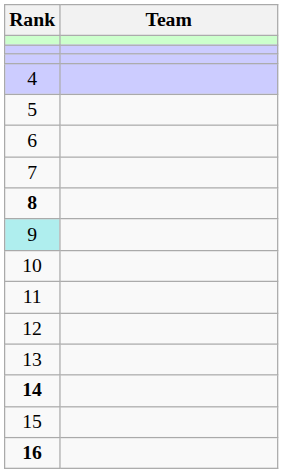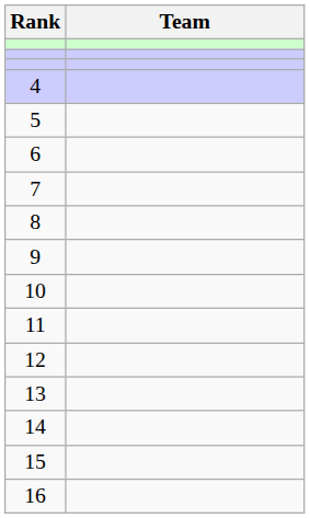 <table class="wikitable">
 <tr>
 <th>Rank</th>
 <th style="width:170px;">Team</th>
 </tr>
 <tr style="background:#CCFFCC;">
 <td style="text-align:center;"></td>
 <td></td>
 </tr>
 <tr style="background:#CCCCFF;">
 <td style="text-align:center;"></td>
 <td></td>
 </tr>
 <tr style="background:#CCCCFF;">
 <td style="text-align:center;"></td>
 <td></td>
 </tr>
 <tr style="background:#CCCCFF;">
 <td style="text-align:center;">4</td>
 <td></td>
 </tr>
 <tr>
 <td style="text-align:center;">5</td>
 <td></td>
 </tr>
 <tr>
 <td style="text-align:center;">6</td>
 <td></td>
 </tr>
 <tr>
 <td style="text-align:center;">7</td>
 <td></td>
 </tr>
 <tr>
-<td style="text-align:center;"><strong>8</strong></td>
+<td style="text-align:center;">8</td>
 <td></td>
 </tr>
 <tr>
-<td style="background: paleturquoise; text-align:center;">9</td>
+<td style="text-align:center;">9</td>
 <td></td>
 </tr>
 <tr>
 <td style="text-align:center;">10</td>
 <td></td>
 </tr>
 <tr>
 <td style="text-align:center;">11</td>
 <td></td>
 </tr>
 <tr>
 <td style="text-align:center;">12</td>
 <td></td>
 </tr>
 <tr>
 <td style="text-align:center;">13</td>
 <td></td>
 </tr>
 <tr>
-<td style="text-align:center;"><strong>14</strong></td>
+<td style="text-align:center;">14</td>
 <td></td>
 </tr>
 <tr>
 <td style="text-align:center;">15</td>
 <td></td>
 </tr>
 <tr>
-<td style="text-align:center;"><strong>16</strong></td>
+<td style="text-align:center;">16</td>
 <td></td>
 </tr>
 </table>
